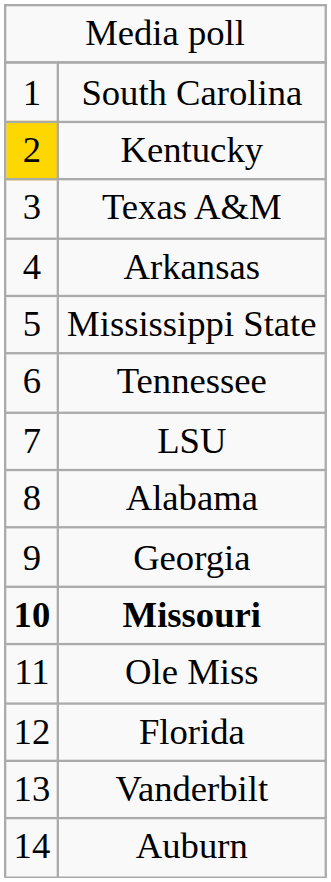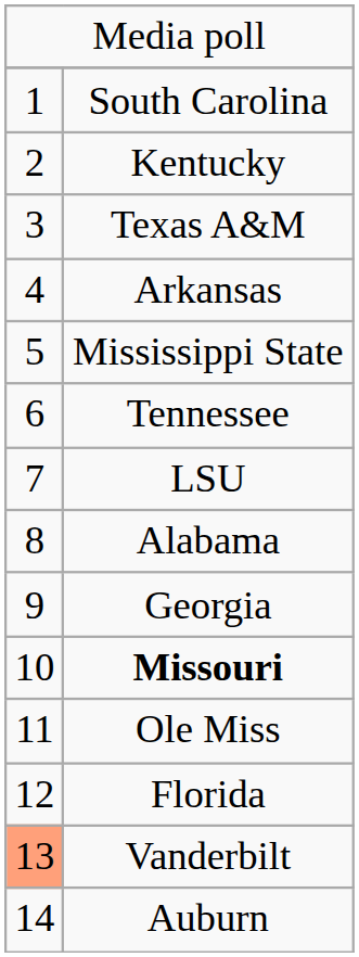 <table class="wikitable">
 <tr align="center">
 <td align="center" Colspan="2">Media poll</td>
 </tr>
 <tr align="center">
 </tr>
 <tr align="center">
 <td>1</td>
 <td>South Carolina</td>
 </tr>
 <tr align="center">
-<td style="background: gold;">2</td>
+<td>2</td>
 <td>Kentucky</td>
 </tr>
 <tr align="center">
 <td>3</td>
 <td>Texas A&M</td>
 </tr>
 <tr align="center">
 <td>4</td>
 <td>Arkansas</td>
 </tr>
 <tr align="center">
 <td>5</td>
 <td>Mississippi State</td>
 </tr>
 <tr align="center">
 <td>6</td>
 <td>Tennessee</td>
 </tr>
 <tr align="center">
 <td>7</td>
 <td>LSU</td>
 </tr>
 <tr align="center">
 <td>8</td>
 <td>Alabama</td>
 </tr>
 <tr align="center">
 <td>9</td>
 <td>Georgia</td>
 </tr>
 <tr align="center">
-<td><strong>10</strong></td>
+<td>10</td>
 <td><strong>Missouri</strong></td>
 </tr>
 <tr align="center">
 <td>11</td>
 <td>Ole Miss</td>
 </tr>
 <tr align="center">
 <td>12</td>
 <td>Florida</td>
 </tr>
 <tr align="center">
-<td>13</td>
+<td style="background: lightsalmon;">13</td>
 <td>Vanderbilt</td>
 </tr>
 <tr align="center">
 <td>14</td>
 <td>Auburn</td>
 </tr>
 </table>
